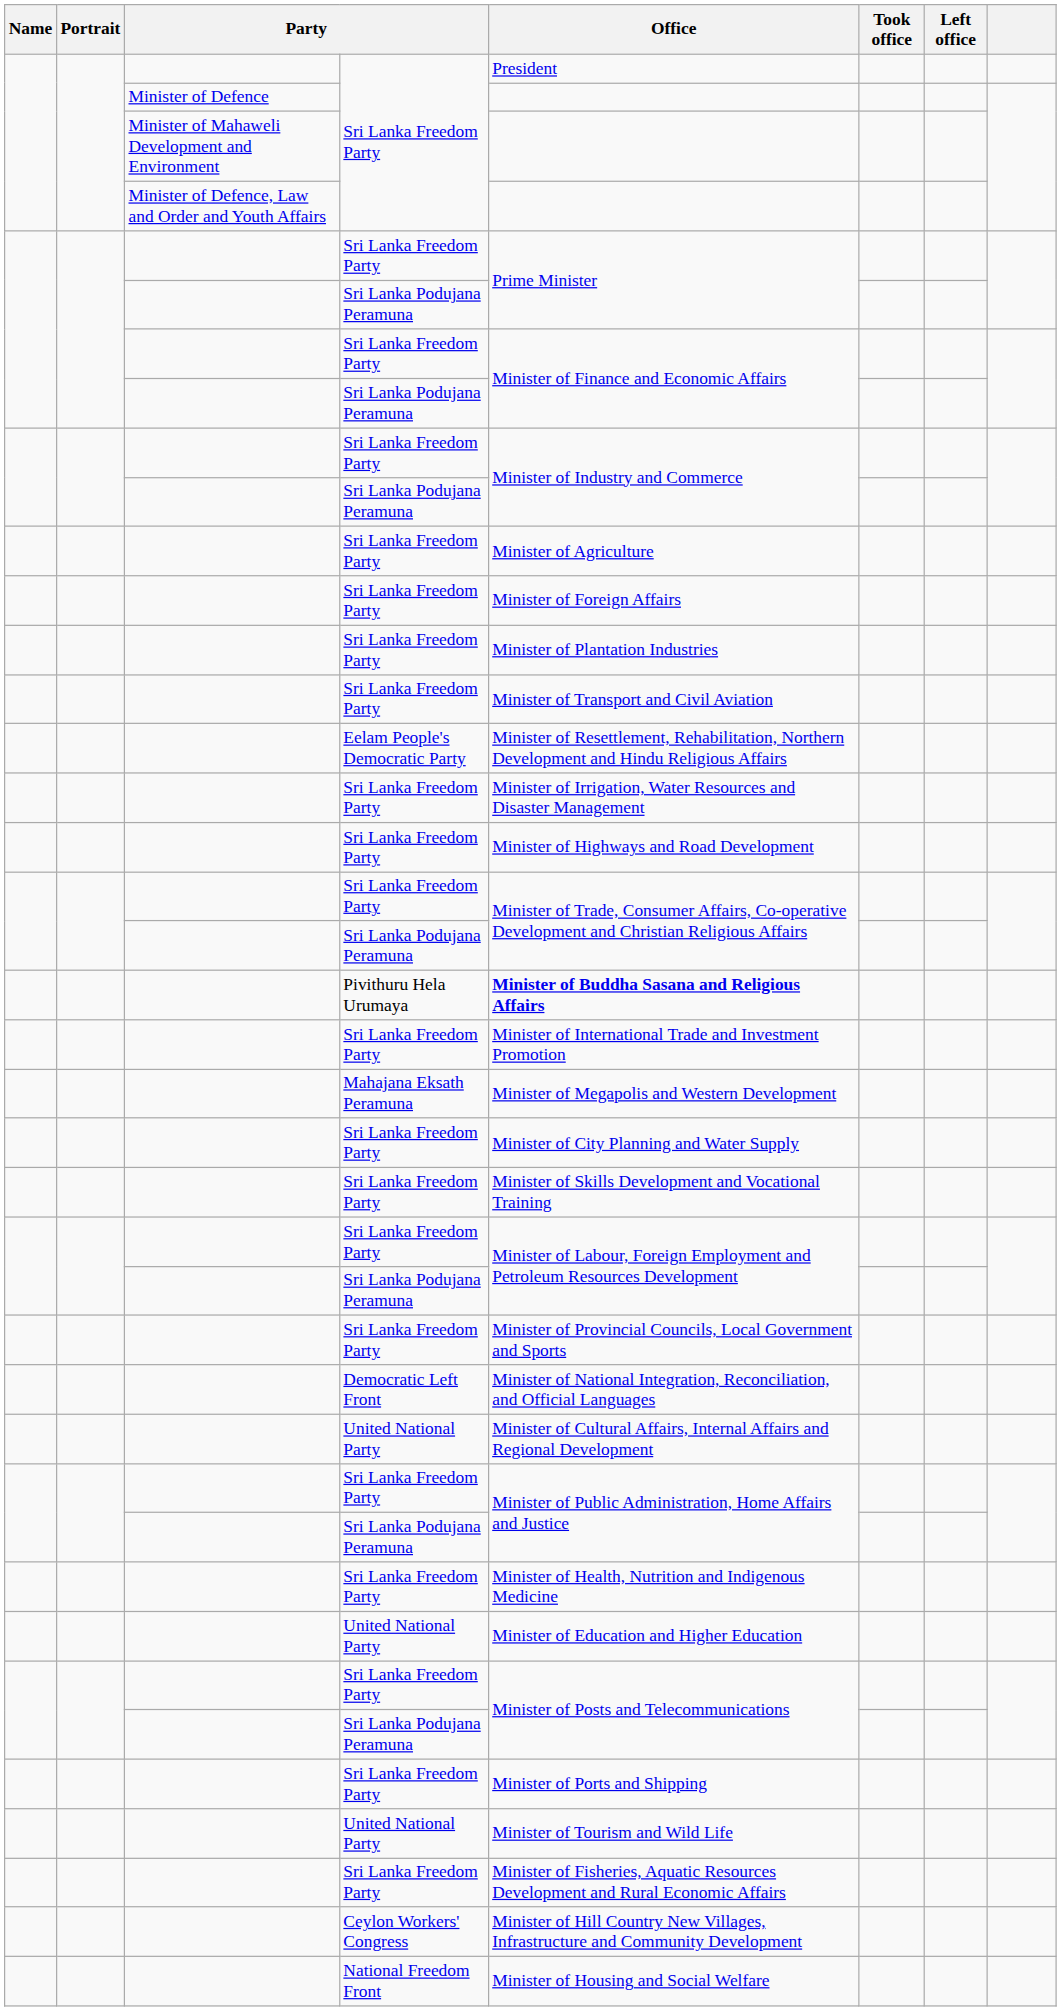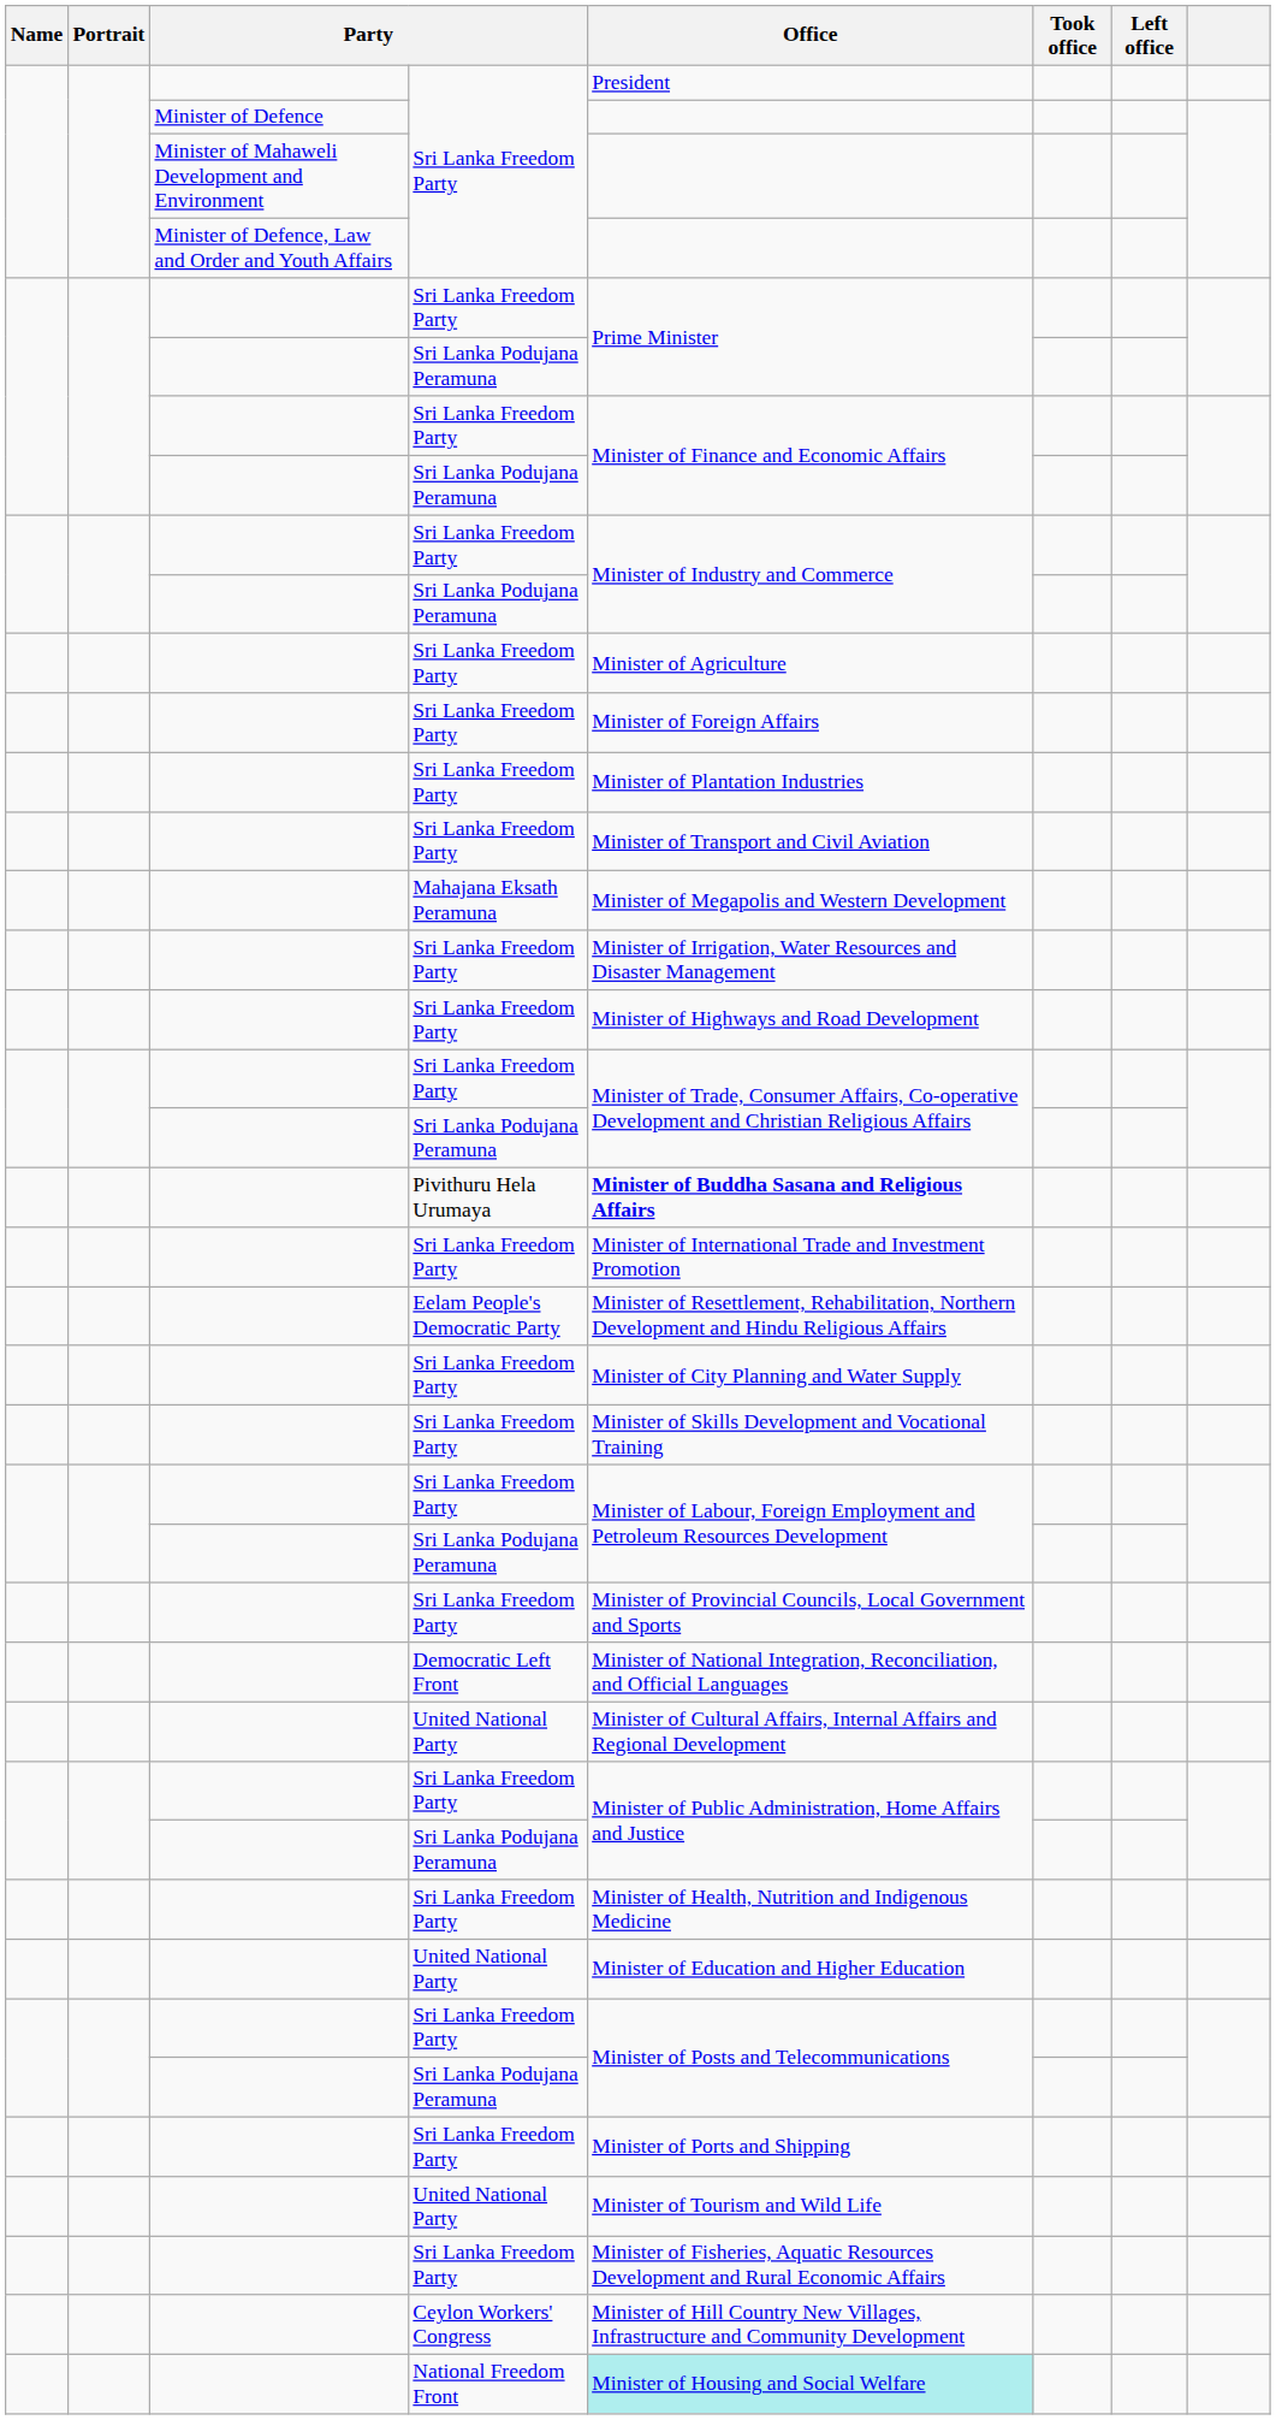 <table class="wikitable plainrowheaders sortable" style="font-size:90%; text-align:left;">
 <tr>
 <th scope=col>Name</th>
 <th scope=col class=unsortable>Portrait</th>
 <th scope=col colspan="2">Party</th>
 <th scope=col width=300px>Office</th>
 <th scope=col>Took office</th>
 <th scope=col>Left office</th>
 <th scope=col width=50px class=unsortable></th>
 </tr>
 <tr>
 <td rowspan=4></td>
 <td align=center rowspan=4></td>
 <td !align="center" style="background:"></td>
 <td rowspan=4><a href='#'>Sri Lanka Freedom Party</a></td>
 <td><a href='#'>President</a></td>
 <td align=center></td>
 <td align=center></td>
 <td align=center></td>
 </tr>
 <tr>
 <td><a href='#'>Minister of Defence</a></td>
 <td align=center></td>
 <td align=center></td>
 <td align=center></td>
 </tr>
 <tr>
 <td><a href='#'>Minister of Mahaweli Development and Environment</a></td>
 <td align=center></td>
 <td align=center></td>
 <td align=center></td>
 </tr>
 <tr>
 <td><a href='#'>Minister of Defence, Law and Order and Youth Affairs</a></td>
 <td align=center></td>
 <td align=center></td>
 <td align=center></td>
 </tr>
 <tr>
 <td rowspan=4></td>
 <td align=center rowspan=4></td>
 <td !align="center" style="background:"></td>
 <td><a href='#'>Sri Lanka Freedom Party</a></td>
 <td rowspan=2><a href='#'>Prime Minister</a></td>
 <td align=center></td>
 <td align=center></td>
 <td align=center rowspan=2></td>
 </tr>
 <tr>
 <td !align="center" style="background:"></td>
 <td><a href='#'>Sri Lanka Podujana Peramuna</a></td>
 <td align=center></td>
 <td align=center></td>
 </tr>
 <tr>
 <td !align="center" style="background:"></td>
 <td><a href='#'>Sri Lanka Freedom Party</a></td>
 <td rowspan=2><a href='#'>Minister of Finance and Economic Affairs</a></td>
 <td align=center></td>
 <td align=center></td>
 <td align=center rowspan=2></td>
 </tr>
 <tr>
 <td !align="center" style="background:"></td>
 <td><a href='#'>Sri Lanka Podujana Peramuna</a></td>
 <td align=center></td>
 <td align=center></td>
 </tr>
 <tr>
 <td rowspan=2></td>
 <td align=center rowspan=2></td>
 <td !align="center" style="background:"></td>
 <td><a href='#'>Sri Lanka Freedom Party</a></td>
 <td rowspan=2><a href='#'>Minister of Industry and Commerce</a></td>
 <td align=center></td>
 <td align=center></td>
 <td align=center rowspan=2></td>
 </tr>
 <tr>
 <td !align="center" style="background:"></td>
 <td><a href='#'>Sri Lanka Podujana Peramuna</a></td>
 <td align=center></td>
 <td align=center></td>
 </tr>
 <tr>
 <td></td>
 <td align=center></td>
 <td !align="center" style="background:"></td>
 <td><a href='#'>Sri Lanka Freedom Party</a></td>
 <td><a href='#'>Minister of Agriculture</a></td>
 <td align=center></td>
 <td align=center></td>
 <td align=center></td>
 </tr>
 <tr>
 <td></td>
 <td align=center></td>
 <td !align="center" style="background:"></td>
 <td><a href='#'>Sri Lanka Freedom Party</a></td>
 <td><a href='#'>Minister of Foreign Affairs</a></td>
 <td align=center></td>
 <td align=center></td>
 <td align=center></td>
 </tr>
 <tr>
 <td></td>
 <td align=center></td>
 <td !align="center" style="background:"></td>
 <td><a href='#'>Sri Lanka Freedom Party</a></td>
 <td><a href='#'>Minister of Plantation Industries</a></td>
 <td align=center></td>
 <td align=center></td>
 <td align=center></td>
 </tr>
 <tr>
 <td></td>
 <td align=center></td>
 <td !align="center" style="background:"></td>
 <td><a href='#'>Sri Lanka Freedom Party</a></td>
 <td><a href='#'>Minister of Transport and Civil Aviation</a></td>
 <td align=center></td>
 <td align=center></td>
 <td align=center></td>
 </tr>
 <tr>
 <td></td>
 <td align=center></td>
 <td !align="center" style="background:"></td>
-<td><a href='#'>Eelam People's Democratic Party</a></td>
-<td><a href='#'>Minister of Resettlement, Rehabilitation, Northern Development and Hindu Religious Affairs</a></td>
+<td><a href='#'>Mahajana Eksath Peramuna</a></td>
+<td><a href='#'>Minister of Megapolis and Western Development</a></td>
 <td align=center></td>
 <td align=center></td>
 <td align=center></td>
 </tr>
 <tr>
 <td></td>
 <td align=center></td>
 <td !align="center" style="background:"></td>
 <td><a href='#'>Sri Lanka Freedom Party</a></td>
 <td><a href='#'>Minister of Irrigation, Water Resources and Disaster Management</a></td>
 <td align=center></td>
 <td align=center></td>
 <td align=center></td>
 </tr>
 <tr>
 <td></td>
 <td align=center></td>
 <td !align="center" style="background:"></td>
 <td><a href='#'>Sri Lanka Freedom Party</a></td>
 <td><a href='#'>Minister of Highways and Road Development</a></td>
 <td align=center></td>
 <td align=center></td>
 <td align=center></td>
 </tr>
 <tr>
 <td rowspan=2></td>
 <td align=center rowspan=2></td>
 <td !align="center" style="background:"></td>
 <td><a href='#'>Sri Lanka Freedom Party</a></td>
 <td rowspan=2><a href='#'>Minister of Trade, Consumer Affairs, Co-operative Development and Christian Religious Affairs</a></td>
 <td align=center></td>
 <td align=center></td>
 <td align=center rowspan=2></td>
 </tr>
 <tr>
 <td !align="center" style="background:"></td>
 <td><a href='#'>Sri Lanka Podujana Peramuna</a></td>
 <td align=center></td>
 <td align=center></td>
 </tr>
 <tr>
 <td></td>
 <td align=center></td>
 <td></td>
 <td>Pivithuru Hela Urumaya</td>
 <td><strong><a href='#'>Minister of Buddha Sasana and Religious Affairs</a></strong></td>
 <td align=center></td>
 <td align=center></td>
 <td align=center></td>
 </tr>
 <tr>
 <td></td>
 <td align=center></td>
 <td !align="center" style="background:"></td>
 <td><a href='#'>Sri Lanka Freedom Party</a></td>
 <td><a href='#'>Minister of International Trade and Investment Promotion</a></td>
 <td align=center></td>
 <td align=center></td>
 <td align=center></td>
 </tr>
 <tr>
 <td></td>
 <td align=center></td>
 <td !align="center" style="background:"></td>
-<td><a href='#'>Mahajana Eksath Peramuna</a></td>
-<td><a href='#'>Minister of Megapolis and Western Development</a></td>
+<td><a href='#'>Eelam People's Democratic Party</a></td>
+<td><a href='#'>Minister of Resettlement, Rehabilitation, Northern Development and Hindu Religious Affairs</a></td>
 <td align=center></td>
 <td align=center></td>
 <td align=center></td>
 </tr>
 <tr>
 <td></td>
 <td align=center></td>
 <td !align="center" style="background:"></td>
 <td><a href='#'>Sri Lanka Freedom Party</a></td>
 <td><a href='#'>Minister of City Planning and Water Supply</a></td>
 <td align=center></td>
 <td align=center></td>
 <td align=center></td>
 </tr>
 <tr>
 <td></td>
 <td align=center></td>
 <td !align="center" style="background:"></td>
 <td><a href='#'>Sri Lanka Freedom Party</a></td>
 <td><a href='#'>Minister of Skills Development and Vocational Training</a></td>
 <td align=center></td>
 <td align=center></td>
 <td align=center></td>
 </tr>
 <tr>
 <td rowspan=2></td>
 <td align=center rowspan=2></td>
 <td !align="center" style="background:"></td>
 <td><a href='#'>Sri Lanka Freedom Party</a></td>
 <td rowspan=2><a href='#'>Minister of Labour, Foreign Employment and Petroleum Resources Development</a></td>
 <td align=center></td>
 <td align=center></td>
 <td align=center rowspan=2></td>
 </tr>
 <tr>
 <td !align="center" style="background:"></td>
 <td><a href='#'>Sri Lanka Podujana Peramuna</a></td>
 <td align=center></td>
 <td align=center></td>
 </tr>
 <tr>
 <td></td>
 <td align=center></td>
 <td !align="center" style="background:"></td>
 <td><a href='#'>Sri Lanka Freedom Party</a></td>
 <td><a href='#'>Minister of Provincial Councils, Local Government and Sports</a></td>
 <td align=center></td>
 <td align=center></td>
 <td align=center></td>
 </tr>
 <tr>
 <td></td>
 <td align=center></td>
 <td !align="center" style="background:"></td>
 <td><a href='#'>Democratic Left Front</a></td>
 <td><a href='#'>Minister of National Integration, Reconciliation, and Official Languages</a></td>
 <td align=center></td>
 <td align=center></td>
 <td align=center></td>
 </tr>
 <tr>
 <td></td>
 <td align=center></td>
 <td !align="center" style="background:"></td>
 <td><a href='#'>United National Party</a></td>
 <td><a href='#'>Minister of Cultural Affairs, Internal Affairs and Regional Development</a></td>
 <td align=center></td>
 <td align=center></td>
 <td align=center></td>
 </tr>
 <tr>
 <td rowspan=2></td>
 <td align=center rowspan=2></td>
 <td !align="center" style="background:"></td>
 <td><a href='#'>Sri Lanka Freedom Party</a></td>
 <td rowspan=2><a href='#'>Minister of Public Administration, Home Affairs and Justice</a></td>
 <td align=center></td>
 <td align=center></td>
 <td align=center rowspan=2></td>
 </tr>
 <tr>
 <td !align="center" style="background:"></td>
 <td><a href='#'>Sri Lanka Podujana Peramuna</a></td>
 <td align=center></td>
 <td align=center></td>
 </tr>
 <tr>
 <td></td>
 <td align=center></td>
 <td !align="center" style="background:"></td>
 <td><a href='#'>Sri Lanka Freedom Party</a></td>
 <td><a href='#'>Minister of Health, Nutrition and Indigenous Medicine</a></td>
 <td align=center></td>
 <td align=center></td>
 <td align=center></td>
 </tr>
 <tr>
 <td></td>
 <td align=center></td>
 <td !align="center" style="background:"></td>
 <td><a href='#'>United National Party</a></td>
 <td><a href='#'>Minister of Education and Higher Education</a></td>
 <td align=center></td>
 <td align=center></td>
 <td align=center></td>
 </tr>
 <tr>
 <td rowspan=2></td>
 <td align=center rowspan=2></td>
 <td !align="center" style="background:"></td>
 <td><a href='#'>Sri Lanka Freedom Party</a></td>
 <td rowspan=2><a href='#'>Minister of Posts and Telecommunications</a></td>
 <td align=center></td>
 <td align=center></td>
 <td align=center rowspan=2></td>
 </tr>
 <tr>
 <td !align="center" style="background:"></td>
 <td><a href='#'>Sri Lanka Podujana Peramuna</a></td>
 <td align=center></td>
 <td align=center></td>
 </tr>
 <tr>
 <td></td>
 <td align=center></td>
 <td !align="center" style="background:"></td>
 <td><a href='#'>Sri Lanka Freedom Party</a></td>
 <td><a href='#'>Minister of Ports and Shipping</a></td>
 <td align=center></td>
 <td align=center></td>
 <td align=center></td>
 </tr>
 <tr>
 <td></td>
 <td align=center></td>
 <td !align="center" style="background:"></td>
 <td><a href='#'>United National Party</a></td>
 <td><a href='#'>Minister of Tourism and Wild Life</a></td>
 <td align=center></td>
 <td align=center></td>
 <td align=center></td>
 </tr>
 <tr>
 <td></td>
 <td align=center></td>
 <td !align="center" style="background:"></td>
 <td><a href='#'>Sri Lanka Freedom Party</a></td>
 <td><a href='#'>Minister of Fisheries, Aquatic Resources Development and Rural Economic Affairs</a></td>
 <td align=center></td>
 <td align=center></td>
 <td align=center></td>
 </tr>
 <tr>
 <td></td>
 <td align=center></td>
 <td !align="center" style="background:"></td>
 <td><a href='#'>Ceylon Workers' Congress</a></td>
 <td><a href='#'>Minister of Hill Country New Villages, Infrastructure and Community Development</a></td>
 <td align=center></td>
 <td align=center></td>
 <td align=center></td>
 </tr>
 <tr>
 <td></td>
 <td align=center></td>
 <td !align="center" style="background:"></td>
 <td><a href='#'>National Freedom Front</a></td>
-<td><a href='#'>Minister of Housing and Social Welfare</a></td>
+<td style="background: paleturquoise;"><a href='#'>Minister of Housing and Social Welfare</a></td>
 <td align=center></td>
 <td align=center></td>
 <td align=center></td>
 </tr>
 </table>
